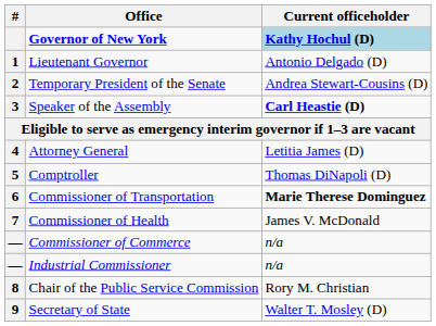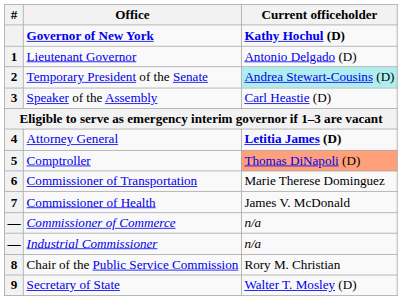 <table class=wikitable>
 <tr>
 <th>#</th>
 <th>Office</th>
 <th>Current officeholder</th>
 </tr>
 <tr>
 <th></th>
 <td><strong><a href='#'>Governor of New York</a></strong></td>
-<td style="background: lightblue;"><strong><a href='#'>Kathy Hochul</a> (D)</strong></td>
+<td><strong><a href='#'>Kathy Hochul</a> (D)</strong></td>
 </tr>
 <tr>
 <th>1</th>
 <td><a href='#'>Lieutenant Governor</a></td>
 <td><a href='#'>Antonio Delgado</a> (D)</td>
 </tr>
 <tr>
 <th>2</th>
 <td><a href='#'>Temporary President</a> of the <a href='#'>Senate</a></td>
-<td><a href='#'>Andrea Stewart-Cousins</a> (D)</td>
+<td style="background: paleturquoise;"><a href='#'>Andrea Stewart-Cousins</a> (D)</td>
 </tr>
 <tr>
 <th>3</th>
 <td><a href='#'>Speaker</a> of the <a href='#'>Assembly</a></td>
-<td><strong><a href='#'>Carl Heastie</a> (D)</strong></td>
+<td><a href='#'>Carl Heastie</a> (D)</td>
 </tr>
 <tr>
 <th colspan=3>Eligible to serve as emergency interim governor if 1–3 are vacant</th>
 </tr>
 <tr>
 <th>4</th>
 <td><a href='#'>Attorney General</a></td>
-<td><a href='#'>Letitia James</a> (D)</td>
+<td><strong><a href='#'>Letitia James</a> (D)</strong></td>
 </tr>
 <tr>
 <th>5</th>
 <td><a href='#'>Comptroller</a></td>
-<td><a href='#'>Thomas DiNapoli</a> (D)</td>
+<td style="background: lightsalmon;"><a href='#'>Thomas DiNapoli</a> (D)</td>
 </tr>
 <tr>
 <th>6</th>
 <td><a href='#'>Commissioner of Transportation</a></td>
-<td><strong>Marie Therese Dominguez</strong></td>
+<td>Marie Therese Dominguez</td>
 </tr>
 <tr>
 <th>7</th>
 <td><a href='#'>Commissioner of Health</a></td>
 <td>James V. McDonald</td>
 </tr>
 <tr>
 <th>—</th>
 <td><em><a href='#'>Commissioner of Commerce</a></em></td>
 <td><em>n/a</em></td>
 </tr>
 <tr>
 <th>—</th>
 <td><em><a href='#'>Industrial Commissioner</a></em></td>
 <td><em>n/a</em></td>
 </tr>
 <tr>
 <th>8</th>
 <td>Chair of the <a href='#'>Public Service Commission</a></td>
 <td>Rory M. Christian</td>
 </tr>
 <tr>
 <th>9</th>
 <td><a href='#'>Secretary of State</a></td>
 <td><a href='#'>Walter T. Mosley</a> (D)</td>
 </tr>
 </table>
